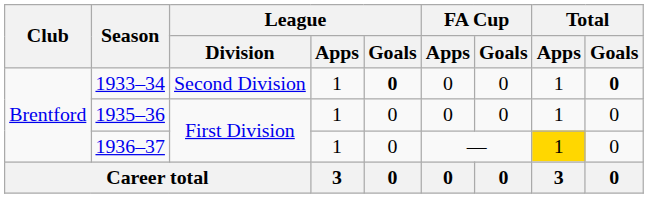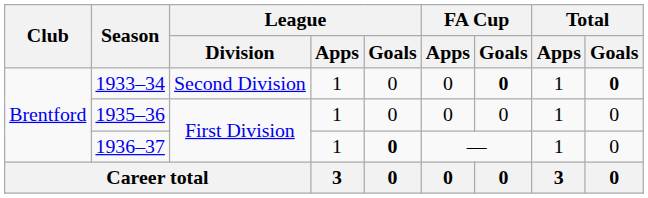 <table class="wikitable" style="text-align: center;">
 <tr>
 <th rowspan="2">Club</th>
 <th rowspan="2">Season</th>
 <th colspan="3">League</th>
 <th colspan="2">FA Cup</th>
 <th colspan="2">Total</th>
 </tr>
 <tr>
 <th>Division</th>
 <th>Apps</th>
 <th>Goals</th>
 <th>Apps</th>
 <th>Goals</th>
 <th>Apps</th>
 <th>Goals</th>
 </tr>
 <tr>
 <td rowspan="3"><a href='#'>Brentford</a></td>
 <td><a href='#'>1933–34</a></td>
 <td><a href='#'>Second Division</a></td>
 <td>1</td>
-<td><strong>0</strong></td>
 <td>0</td>
 <td>0</td>
+<td><strong>0</strong></td>
 <td>1</td>
 <td><strong>0</strong></td>
 </tr>
 <tr>
 <td><a href='#'>1935–36</a></td>
 <td rowspan="2"><a href='#'>First Division</a></td>
 <td>1</td>
 <td>0</td>
 <td>0</td>
 <td>0</td>
 <td>1</td>
 <td>0</td>
 </tr>
 <tr>
 <td><a href='#'>1936–37</a></td>
 <td>1</td>
-<td>0</td>
+<td><strong>0</strong></td>
 <td colspan="2">—</td>
-<td style="background: gold;">1</td>
+<td>1</td>
 <td>0</td>
 </tr>
 <tr>
 <th colspan="3">Career total</th>
 <th>3</th>
 <th>0</th>
 <th>0</th>
 <th>0</th>
 <th>3</th>
 <th>0</th>
 </tr>
 </table>
